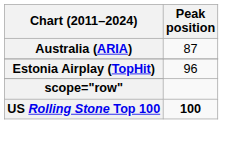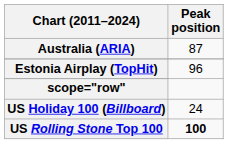 <table class="wikitable sortable plainrowheaders" style="text-align:center">
 <tr>
 <th scope="col">Chart (2011–2024)</th>
 <th scope="col">Peak<br>position</th>
 </tr>
 <tr>
 <th scope="row">Australia (<a href='#'>ARIA</a>)</th>
 <td>87</td>
 </tr>
 <tr>
 </tr>
 <tr>
 <th scope="row">Estonia Airplay (<a href='#'>TopHit</a>)</th>
 <td>96</td>
 </tr>
 <tr>
 </tr>
 <tr>
 </tr>
 <tr>
 </tr>
 <tr>
 </tr>
 <tr>
 </tr>
 <tr>
 </tr>
 <tr>
 </tr>
 <tr>
 <th>scope="row"</th>
 </tr>
 <tr>
+<th scope="row">US <a href='#'>Holiday 100</a> (<em><a href='#'>Billboard</a></em>)</th>
+<td>24</td>
+</tr>
+<tr>
 <th scope="row">US <a href='#'><em>Rolling Stone</em> Top 100</a></th>
 <td><strong>100</strong></td>
 </tr>
 </table>
